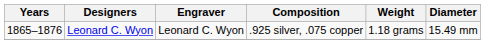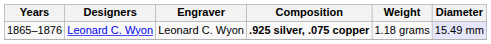 <table class="wikitable">
 <tr>
 <th>Years</th>
 <th>Designers</th>
 <th>Engraver</th>
 <th>Composition</th>
 <th>Weight</th>
 <th>Diameter</th>
 </tr>
 <tr>
 <td>1865–1876</td>
 <td><a href='#'>Leonard C. Wyon</a></td>
 <td>Leonard C. Wyon</td>
-<td>.925 silver, .075 copper</td>
+<td><strong>.925 silver, .075 copper</strong></td>
 <td>1.18 grams</td>
-<td>15.49 mm</td>
+<td style="background: lavender;">15.49 mm</td>
 </tr>
 <tr>
 </tr>
 </table>
